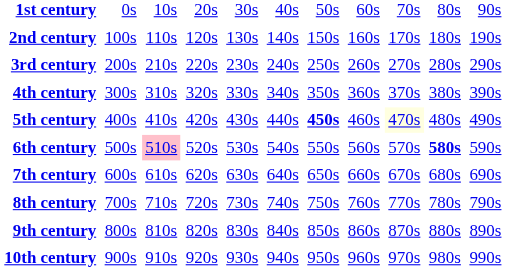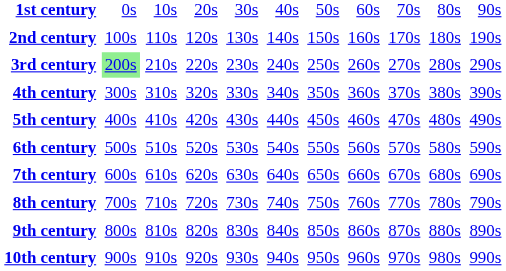 <table cellpadding="3" border="0">
 <tr style="text-align:right;">
 <td><strong><a href='#'>1st century</a></strong></td>
 <td><a href='#'>0s</a></td>
 <td><a href='#'>10s</a></td>
 <td><a href='#'>20s</a></td>
 <td><a href='#'>30s</a></td>
 <td style="text-align:right;"><a href='#'>40s</a></td>
 <td><a href='#'>50s</a></td>
 <td><a href='#'>60s</a></td>
 <td style="text-align:right;"><a href='#'>70s</a></td>
 <td><a href='#'>80s</a></td>
 <td style="text-align:right;"><a href='#'>90s</a></td>
 </tr>
 <tr>
 <td style="text-align:right;"><strong><a href='#'>2nd century</a></strong></td>
 <td style="text-align:right;"><a href='#'>100s</a></td>
 <td style="text-align:right;"><a href='#'>110s</a></td>
 <td style="text-align:right;"><a href='#'>120s</a></td>
 <td style="text-align:right;"><a href='#'>130s</a></td>
 <td style="text-align:right;"><a href='#'>140s</a></td>
 <td style="text-align:right;"><a href='#'>150s</a></td>
 <td style="text-align:right;"><a href='#'>160s</a></td>
 <td style="text-align:right;"><a href='#'>170s</a></td>
 <td style="text-align:right;"><a href='#'>180s</a></td>
 <td style="text-align:right;"><a href='#'>190s</a></td>
 </tr>
 <tr>
 <td style="text-align:right;"><strong><a href='#'>3rd century</a></strong></td>
-<td style="text-align:right;"><a href='#'>200s</a></td>
+<td style="background: lightgreen; text-align:right;"><a href='#'>200s</a></td>
 <td style="text-align:right;"><a href='#'>210s</a></td>
 <td style="text-align:right;"><a href='#'>220s</a></td>
 <td style="text-align:right;"><a href='#'>230s</a></td>
 <td style="text-align:right;"><a href='#'>240s</a></td>
 <td style="text-align:right;"><a href='#'>250s</a></td>
 <td style="text-align:right;"><a href='#'>260s</a></td>
 <td style="text-align:right;"><a href='#'>270s</a></td>
 <td style="text-align:right;"><a href='#'>280s</a></td>
 <td style="text-align:right;"><a href='#'>290s</a></td>
 </tr>
 <tr>
 <td style="text-align:right;"><strong><a href='#'>4th century</a></strong></td>
 <td style="text-align:right;"><a href='#'>300s</a></td>
 <td style="text-align:right;"><a href='#'>310s</a></td>
 <td style="text-align:right;"><a href='#'>320s</a></td>
 <td style="text-align:right;"><a href='#'>330s</a></td>
 <td style="text-align:right;"><a href='#'>340s</a></td>
 <td style="text-align:right;"><a href='#'>350s</a></td>
 <td style="text-align:right;"><a href='#'>360s</a></td>
 <td style="text-align:right;"><a href='#'>370s</a></td>
 <td style="text-align:right;"><a href='#'>380s</a></td>
 <td style="text-align:right;"><a href='#'>390s</a></td>
 </tr>
 <tr>
 <td style="text-align:right;"><strong><a href='#'>5th century</a></strong></td>
 <td style="text-align:right;"><a href='#'>400s</a></td>
 <td style="text-align:right;"><a href='#'>410s</a></td>
 <td style="text-align:right;"><a href='#'>420s</a></td>
 <td style="text-align:right;"><a href='#'>430s</a></td>
 <td style="text-align:right;"><a href='#'>440s</a></td>
-<td style="text-align:right;"><strong><a href='#'>450s</a></strong></td>
+<td style="text-align:right;"><a href='#'>450s</a></td>
 <td style="text-align:right;"><a href='#'>460s</a></td>
-<td style="background: lightyellow; text-align:right;"><a href='#'>470s</a></td>
+<td style="text-align:right;"><a href='#'>470s</a></td>
 <td style="text-align:right;"><a href='#'>480s</a></td>
 <td style="text-align:right;"><a href='#'>490s</a></td>
 </tr>
 <tr>
 <td style="text-align:right;"><strong><a href='#'>6th century</a></strong></td>
 <td style="text-align:right;"><a href='#'>500s</a></td>
-<td style="background: pink; text-align:right;"><a href='#'>510s</a></td>
+<td style="text-align:right;"><a href='#'>510s</a></td>
 <td style="text-align:right;"><a href='#'>520s</a></td>
 <td style="text-align:right;"><a href='#'>530s</a></td>
 <td style="text-align:right;"><a href='#'>540s</a></td>
 <td style="text-align:right;"><a href='#'>550s</a></td>
 <td style="text-align:right;"><a href='#'>560s</a></td>
 <td style="text-align:right;"><a href='#'>570s</a></td>
-<td style="text-align:right;"><strong><a href='#'>580s</a></strong></td>
+<td style="text-align:right;"><a href='#'>580s</a></td>
 <td style="text-align:right;"><a href='#'>590s</a></td>
 </tr>
 <tr>
 <td style="text-align:right;"><strong><a href='#'>7th century</a></strong></td>
 <td style="text-align:right;"><a href='#'>600s</a></td>
 <td style="text-align:right;"><a href='#'>610s</a></td>
 <td style="text-align:right;"><a href='#'>620s</a></td>
 <td style="text-align:right;"><a href='#'>630s</a></td>
 <td style="text-align:right;"><a href='#'>640s</a></td>
 <td style="text-align:right;"><a href='#'>650s</a></td>
 <td style="text-align:right;"><a href='#'>660s</a></td>
 <td style="text-align:right;"><a href='#'>670s</a></td>
 <td style="text-align:right;"><a href='#'>680s</a></td>
 <td style="text-align:right;"><a href='#'>690s</a></td>
 </tr>
 <tr>
 <td style="text-align:right;"><strong><a href='#'>8th century</a></strong></td>
 <td style="text-align:right;"><a href='#'>700s</a></td>
 <td style="text-align:right;"><a href='#'>710s</a></td>
 <td style="text-align:right;"><a href='#'>720s</a></td>
 <td style="text-align:right;"><a href='#'>730s</a></td>
 <td style="text-align:right;"><a href='#'>740s</a></td>
 <td style="text-align:right;"><a href='#'>750s</a></td>
 <td style="text-align:right;"><a href='#'>760s</a></td>
 <td style="text-align:right;"><a href='#'>770s</a></td>
 <td style="text-align:right;"><a href='#'>780s</a></td>
 <td style="text-align:right;"><a href='#'>790s</a></td>
 </tr>
 <tr>
 <td style="text-align:right;"><strong><a href='#'>9th century</a></strong></td>
 <td style="text-align:right;"><a href='#'>800s</a></td>
 <td style="text-align:right;"><a href='#'>810s</a></td>
 <td style="text-align:right;"><a href='#'>820s</a></td>
 <td style="text-align:right;"><a href='#'>830s</a></td>
 <td style="text-align:right;"><a href='#'>840s</a></td>
 <td style="text-align:right;"><a href='#'>850s</a></td>
 <td style="text-align:right;"><a href='#'>860s</a></td>
 <td style="text-align:right;"><a href='#'>870s</a></td>
 <td style="text-align:right;"><a href='#'>880s</a></td>
 <td style="text-align:right;"><a href='#'>890s</a></td>
 </tr>
 <tr>
 <td style="text-align:right;"><strong><a href='#'>10th century</a></strong></td>
 <td style="text-align:right;"><a href='#'>900s</a></td>
 <td style="text-align:right;"><a href='#'>910s</a></td>
 <td style="text-align:right;"><a href='#'>920s</a></td>
 <td style="text-align:right;"><a href='#'>930s</a></td>
 <td style="text-align:right;"><a href='#'>940s</a></td>
 <td style="text-align:right;"><a href='#'>950s</a></td>
 <td style="text-align:right;"><a href='#'>960s</a></td>
 <td style="text-align:right;"><a href='#'>970s</a></td>
 <td style="text-align:right;"><a href='#'>980s</a></td>
 <td style="text-align:right;"><a href='#'>990s</a></td>
 </tr>
 </table>
